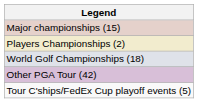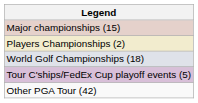 <table class="wikitable" style="font-size:95%;">
 <tr>
 <th>Legend</th>
 </tr>
 <tr style="background:#e5d1cb;">
 <td>Major championships (15)</td>
 </tr>
 <tr style="background:#f2ecce;">
 <td>Players Championships (2)</td>
 </tr>
 <tr style="background:#dfe2e9;">
 <td>World Golf Championships (18)</td>
 </tr>
 <tr style="background:#D8BFD8;">
+<td>Tour C'ships/FedEx Cup playoff events (5)</td>
+</tr>
+<tr>
 <td>Other PGA Tour (42)</td>
 </tr>
-<tr>
-<td>Tour C'ships/FedEx Cup playoff events (5)</td>
-</tr>
 </table>
